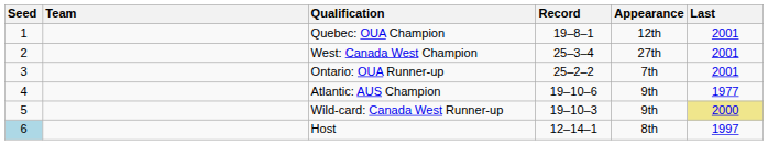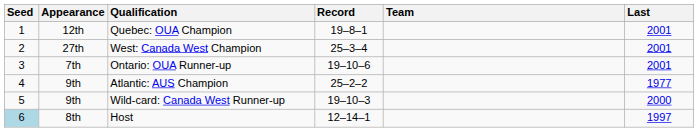 <table class="wikitable sortable" style="text-align: center;" width=1000>
 <tr style="background:#efefef; text-align:center">
 <th style="text-align:left" width=5%>Seed</th>
-<th style="text-align:left" width=35%>Team</th>
+<th style="text-align:left" width=10%>Appearance</th>
 <th style="text-align:left" width=30%>Qualification</th>
 <th style="text-align:left" width=10%>Record</th>
-<th style="text-align:left" width=10%>Appearance</th>
+<th style="text-align:left" width=35%>Team</th>
 <th style="text-align:left" width=10%>Last</th>
 </tr>
 <tr style="text-align:center">
 <td style="text-align:center">1</td>
-<td style="text-align:left; "><a href='#'></a></td>
+<td style="text-align:center">12th</td>
 <td style="text-align:left">Quebec: <a href='#'>OUA</a> Champion</td>
 <td style="text-align:center">19–8–1</td>
-<td style="text-align:center">12th</td>
+<td style="text-align:left; "><a href='#'></a></td>
 <td style="text-align:center"><a href='#'>2001</a></td>
 </tr>
 <tr style="text-align:center">
 <td style="text-align:center">2</td>
-<td style="text-align:left; "><a href='#'></a></td>
+<td style="text-align:center">27th</td>
 <td style="text-align:left">West: <a href='#'>Canada West</a> Champion</td>
 <td style="text-align:center">25–3–4</td>
-<td style="text-align:center">27th</td>
+<td style="text-align:left; "><a href='#'></a></td>
 <td style="text-align:center"><a href='#'>2001</a></td>
 </tr>
 <tr style="text-align:center">
 <td style="text-align:center">3</td>
+<td style="text-align:center">7th</td>
+<td style="text-align:left">Ontario: <a href='#'>OUA</a> Runner-up</td>
+<td style="text-align:center">19–10–6</td>
 <td style="text-align:left; "><a href='#'></a></td>
-<td style="text-align:left">Ontario: <a href='#'>OUA</a> Runner-up</td>
-<td style="text-align:center">25–2–2</td>
-<td style="text-align:center">7th</td>
 <td style="text-align:center"><a href='#'>2001</a></td>
 </tr>
 <tr style="text-align:center">
 <td style="text-align:center">4</td>
+<td style="text-align:center">9th</td>
+<td style="text-align:left">Atlantic: <a href='#'>AUS</a> Champion</td>
+<td style="text-align:center">25–2–2</td>
 <td style="text-align:left; "><a href='#'></a></td>
-<td style="text-align:left">Atlantic: <a href='#'>AUS</a> Champion</td>
-<td style="text-align:center">19–10–6</td>
-<td style="text-align:center">9th</td>
 <td style="text-align:center"><a href='#'>1977</a></td>
 </tr>
 <tr style="text-align:center">
 <td style="text-align:center">5</td>
-<td style="text-align:left; "><a href='#'></a></td>
+<td style="text-align:center">9th</td>
 <td style="text-align:left">Wild-card: <a href='#'>Canada West</a> Runner-up</td>
 <td style="text-align:center">19–10–3</td>
-<td style="text-align:center">9th</td>
-<td style="background: khaki; text-align:center"><a href='#'>2000</a></td>
+<td style="text-align:left; "><a href='#'></a></td>
+<td style="text-align:center"><a href='#'>2000</a></td>
 </tr>
 <tr style="text-align:center">
 <td style="background: lightblue; text-align:center">6</td>
-<td style="text-align:left; "><a href='#'></a></td>
+<td style="text-align:center">8th</td>
 <td style="text-align:left">Host</td>
 <td style="text-align:center">12–14–1</td>
-<td style="text-align:center">8th</td>
+<td style="text-align:left; "><a href='#'></a></td>
 <td style="text-align:center"><a href='#'>1997</a></td>
 </tr>
 </table>
